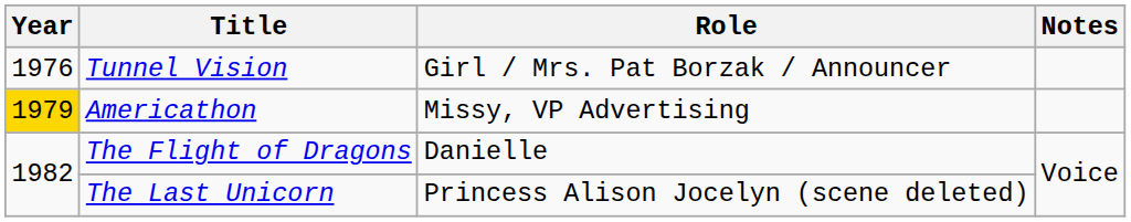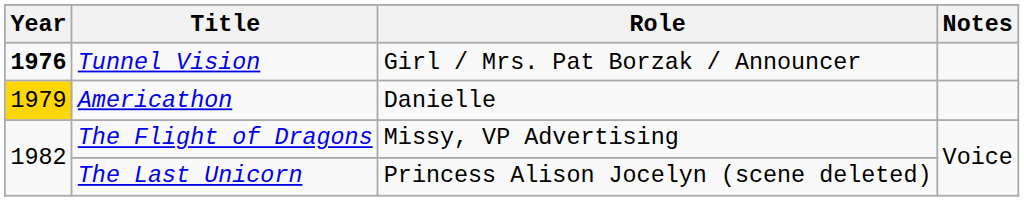 <table class="wikitable sortable">
 <tr>
 <th>Year</th>
 <th>Title</th>
 <th>Role</th>
 <th>Notes</th>
 </tr>
 <tr>
-<td>1976</td>
+<td><strong>1976</strong></td>
 <td><a href='#'><em>Tunnel Vision</em></a></td>
 <td>Girl / Mrs. Pat Borzak / Announcer</td>
 <td></td>
 </tr>
 <tr>
 <td style="background: gold;">1979</td>
 <td><em><a href='#'>Americathon</a></em></td>
-<td>Missy, VP Advertising</td>
+<td>Danielle</td>
 <td></td>
 </tr>
 <tr>
 <td rowspan="2">1982</td>
 <td><em><a href='#'>The Flight of Dragons</a></em></td>
-<td>Danielle</td>
+<td>Missy, VP Advertising</td>
 <td rowspan="2">Voice</td>
 </tr>
 <tr>
 <td><a href='#'><em>The Last Unicorn</em></a></td>
 <td>Princess Alison Jocelyn (scene deleted)</td>
 </tr>
 </table>
